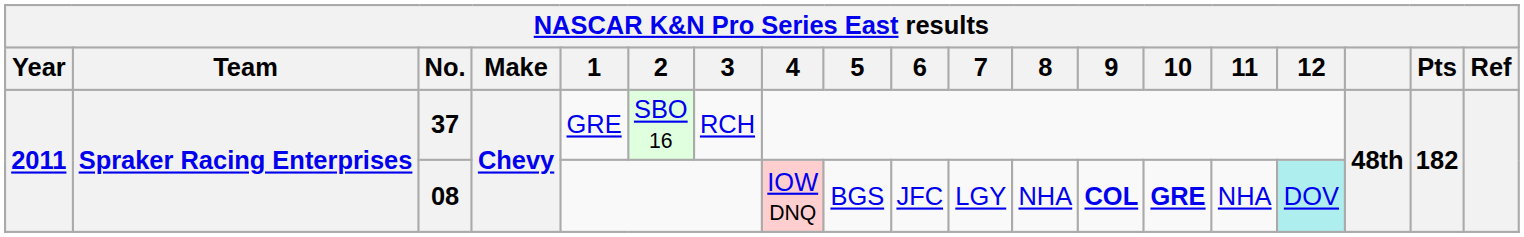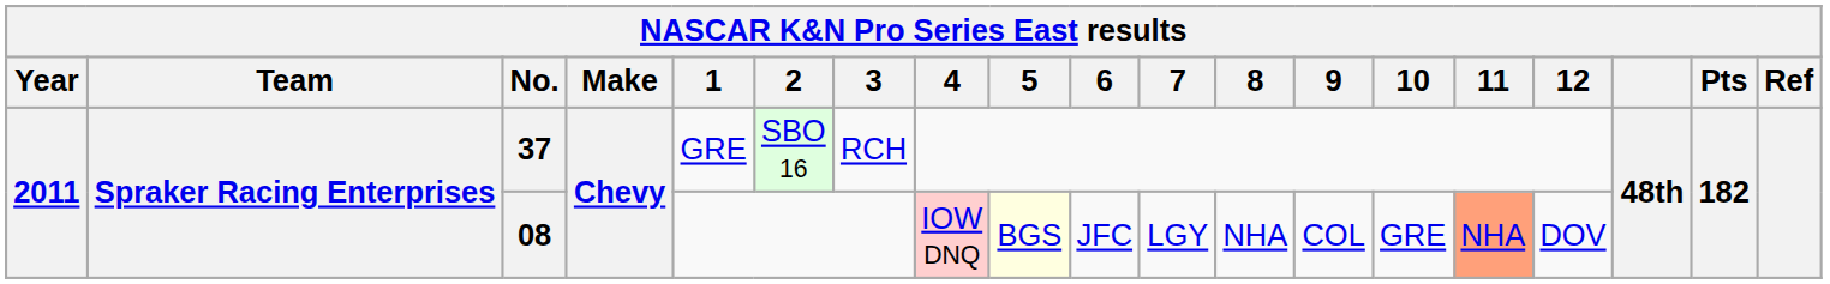 <table class="wikitable" style="text-align:center; font-size:75%">
 <tr>
 <th colspan=45><a href='#'>NASCAR K&N Pro Series East</a> results</th>
 </tr>
 <tr>
 <th>Year</th>
 <th>Team</th>
 <th>No.</th>
 <th>Make</th>
 <th>1</th>
 <th>2</th>
 <th>3</th>
 <th>4</th>
 <th>5</th>
 <th>6</th>
 <th>7</th>
 <th>8</th>
 <th>9</th>
 <th>10</th>
 <th>11</th>
 <th>12</th>
 <th></th>
 <th>Pts</th>
 <th>Ref</th>
 </tr>
 <tr>
 <th rowspan=2><a href='#'>2011</a></th>
 <th rowspan=2><a href='#'>Spraker Racing Enterprises</a></th>
 <th>37</th>
 <th rowspan=2><a href='#'>Chevy</a></th>
 <td><a href='#'>GRE</a></td>
 <td style="background:#DFFFDF;"><a href='#'>SBO</a><br><small>16</small></td>
 <td><a href='#'>RCH</a></td>
 <td colspan=9></td>
 <th rowspan=2>48th</th>
 <th rowspan=2>182</th>
 <th rowspan=2></th>
 </tr>
 <tr>
 <th>08</th>
 <td colspan=3></td>
 <td style="background:#FFCFCF;"><a href='#'>IOW</a><br><small>DNQ</small></td>
-<td><a href='#'>BGS</a></td>
+<td style="background: lightyellow;"><a href='#'>BGS</a></td>
 <td><a href='#'>JFC</a></td>
 <td><a href='#'>LGY</a></td>
 <td><a href='#'>NHA</a></td>
-<td><strong><a href='#'>COL</a></strong></td>
-<td><strong><a href='#'>GRE</a></strong></td>
-<td><a href='#'>NHA</a></td>
-<td style="background: paleturquoise;"><a href='#'>DOV</a></td>
+<td><a href='#'>COL</a></td>
+<td><a href='#'>GRE</a></td>
+<td style="background: lightsalmon;"><a href='#'>NHA</a></td>
+<td><a href='#'>DOV</a></td>
 </tr>
 </table>
